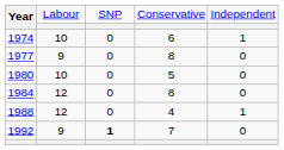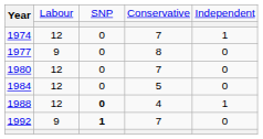 <table class=wikitable style=text-align:center>
 <tr>
 <th rowspan=2>Year</th>
 <td width="60"><a href='#'>Labour</a></td>
 <td width="60"><a href='#'>SNP</a></td>
 <td width="60"><a href='#'>Conservative</a></td>
 <td width="60"><a href='#'>Independent</a></td>
 </tr>
 <tr>
 <th style="background-color: "></th>
 <th style="background-color: "></th>
 <th style="background-color: "></th>
 <th style="background-color: "></th>
 </tr>
 <tr>
 <td><a href='#'>1974</a></td>
-<td>10</td>
+<td>12</td>
 <td>0</td>
-<td>6</td>
+<td>7</td>
 <td>1</td>
 </tr>
 <tr>
 <td><a href='#'>1977</a></td>
 <td>9</td>
 <td>0</td>
 <td>8</td>
 <td>0</td>
 </tr>
 <tr>
 <td><a href='#'>1980</a></td>
-<td>10</td>
+<td>12</td>
 <td>0</td>
-<td>5</td>
+<td>7</td>
 <td>0</td>
 </tr>
 <tr>
 <td><a href='#'>1984</a></td>
 <td>12</td>
 <td>0</td>
-<td>8</td>
+<td>5</td>
 <td>0</td>
 </tr>
 <tr>
 <td><a href='#'>1988</a></td>
 <td>12</td>
-<td>0</td>
+<td><strong>0</strong></td>
 <td>4</td>
 <td>1</td>
 </tr>
 <tr>
 <td><a href='#'>1992</a></td>
 <td>9</td>
 <td><strong>1</strong></td>
 <td>7</td>
 <td>0</td>
 </tr>
 <tr>
 <th></th>
 <th style="background-color: "></th>
 <th style="background-color: "></th>
 <th style="background-color: "></th>
 <th style="background-color: "></th>
 </tr>
 </table>
